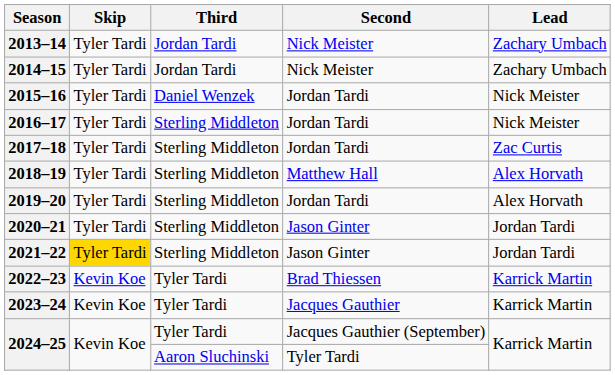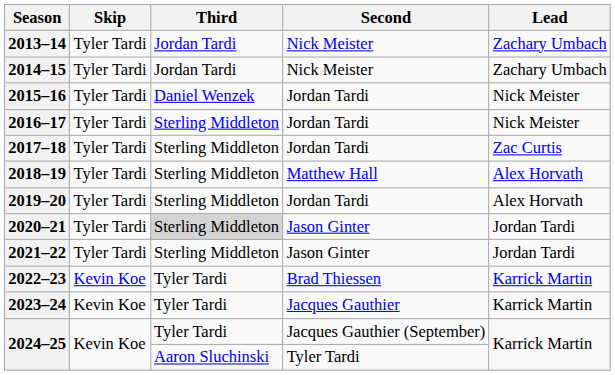 <table class="wikitable">
 <tr>
 <th scope="col">Season</th>
 <th scope="col">Skip</th>
 <th scope="col">Third</th>
 <th scope="col">Second</th>
 <th scope="col">Lead</th>
 </tr>
 <tr>
 <th scope="row">2013–14</th>
 <td>Tyler Tardi</td>
 <td><a href='#'>Jordan Tardi</a></td>
 <td><a href='#'>Nick Meister</a></td>
 <td><a href='#'>Zachary Umbach</a></td>
 </tr>
 <tr>
 <th scope="row">2014–15</th>
 <td>Tyler Tardi</td>
 <td>Jordan Tardi</td>
 <td>Nick Meister</td>
 <td>Zachary Umbach</td>
 </tr>
 <tr>
 <th scope="row">2015–16</th>
 <td>Tyler Tardi</td>
 <td><a href='#'>Daniel Wenzek</a></td>
 <td>Jordan Tardi</td>
 <td>Nick Meister</td>
 </tr>
 <tr>
 <th scope="row">2016–17</th>
 <td>Tyler Tardi</td>
 <td><a href='#'>Sterling Middleton</a></td>
 <td>Jordan Tardi</td>
 <td>Nick Meister</td>
 </tr>
 <tr>
 <th scope="row">2017–18</th>
 <td>Tyler Tardi</td>
 <td>Sterling Middleton</td>
 <td>Jordan Tardi</td>
 <td><a href='#'>Zac Curtis</a></td>
 </tr>
 <tr>
 <th scope="row">2018–19</th>
 <td>Tyler Tardi</td>
 <td>Sterling Middleton</td>
 <td><a href='#'>Matthew Hall</a></td>
 <td><a href='#'>Alex Horvath</a></td>
 </tr>
 <tr>
 <th scope="row">2019–20</th>
 <td>Tyler Tardi</td>
 <td>Sterling Middleton</td>
 <td>Jordan Tardi</td>
 <td>Alex Horvath</td>
 </tr>
 <tr>
 <th scope="row">2020–21</th>
 <td>Tyler Tardi</td>
-<td>Sterling Middleton</td>
+<td style="background: lightgrey;">Sterling Middleton</td>
 <td><a href='#'>Jason Ginter</a></td>
 <td>Jordan Tardi</td>
 </tr>
 <tr>
 <th scope="row">2021–22</th>
-<td style="background: gold;">Tyler Tardi</td>
+<td>Tyler Tardi</td>
 <td>Sterling Middleton</td>
 <td>Jason Ginter</td>
 <td>Jordan Tardi</td>
 </tr>
 <tr>
 <th scope="row">2022–23</th>
 <td><a href='#'>Kevin Koe</a></td>
 <td>Tyler Tardi</td>
 <td><a href='#'>Brad Thiessen</a></td>
 <td><a href='#'>Karrick Martin</a></td>
 </tr>
 <tr>
 <th scope="row">2023–24</th>
 <td>Kevin Koe</td>
 <td>Tyler Tardi</td>
 <td><a href='#'>Jacques Gauthier</a></td>
 <td>Karrick Martin</td>
 </tr>
 <tr>
 <th scope="row" rowspan=2>2024–25</th>
 <td rowspan=2>Kevin Koe</td>
 <td>Tyler Tardi</td>
 <td>Jacques Gauthier (September)</td>
 <td rowspan=2>Karrick Martin</td>
 </tr>
 <tr>
 <td><a href='#'>Aaron Sluchinski</a></td>
 <td>Tyler Tardi</td>
 </tr>
 </table>
